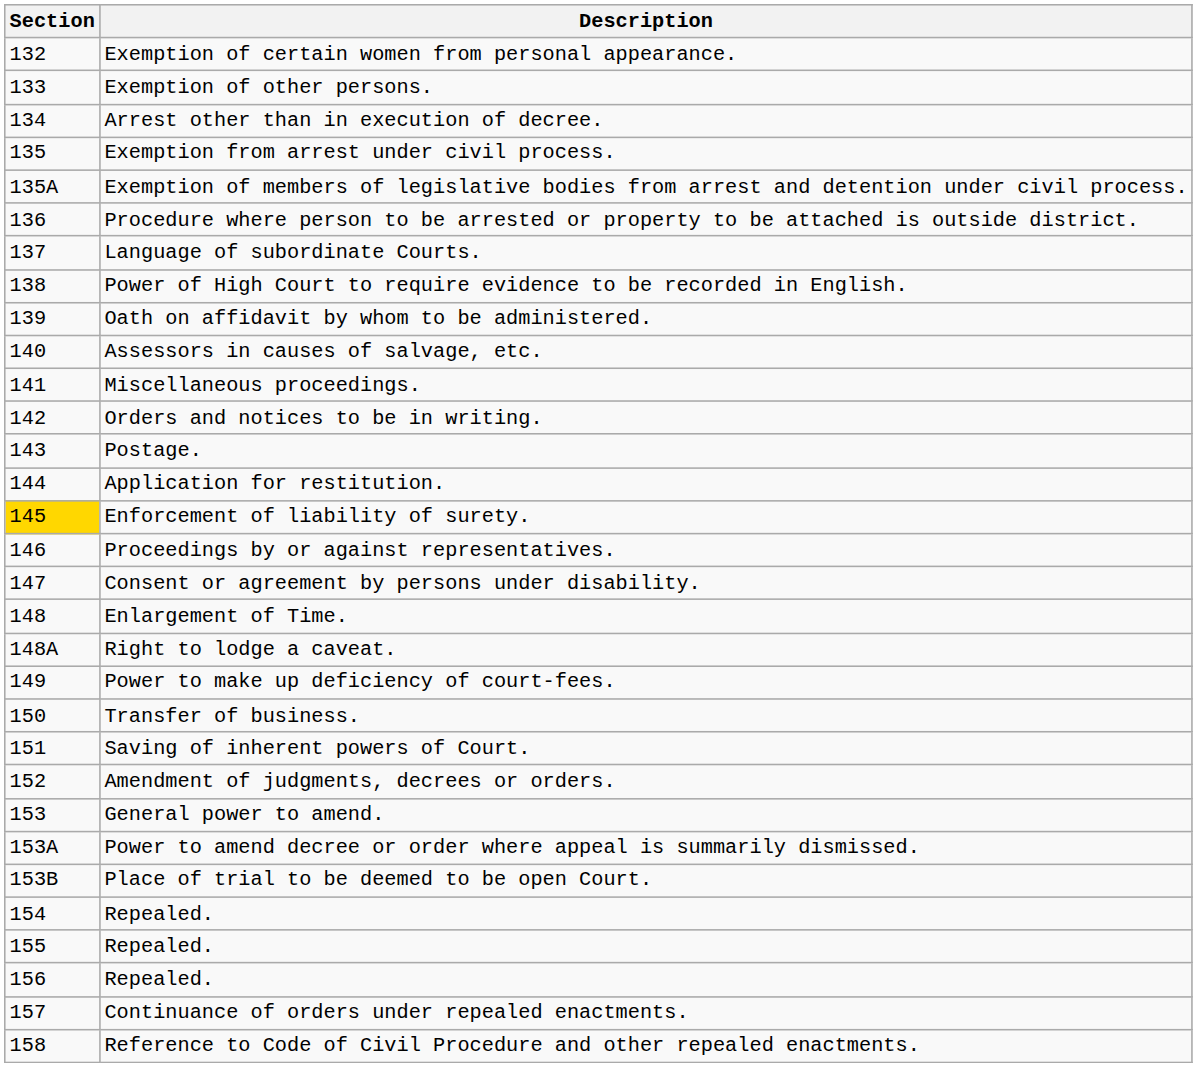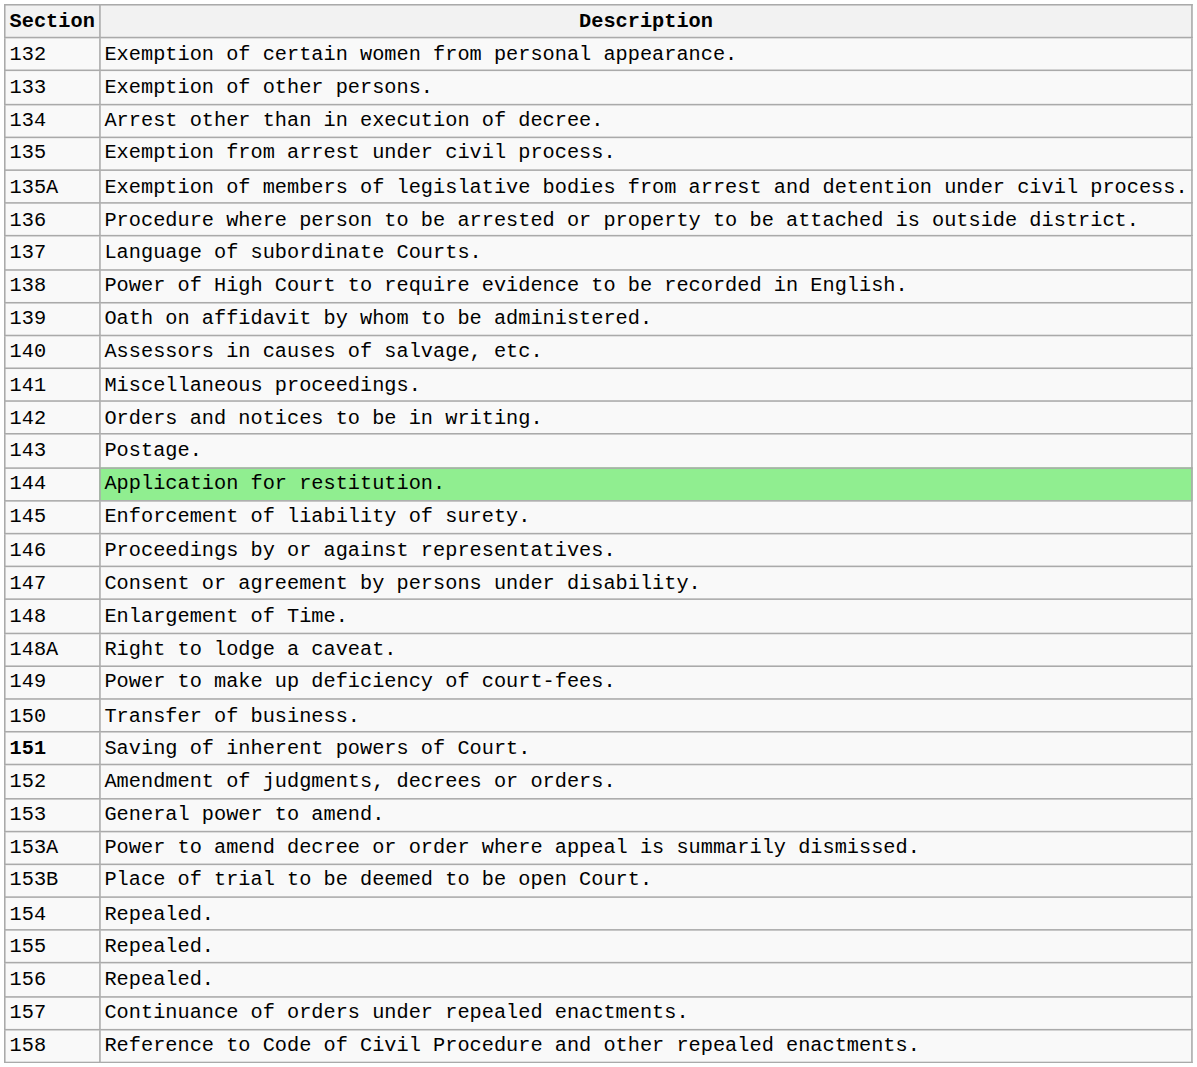 <table class="wikitable">
 <tr>
 <th>Section</th>
 <th>Description</th>
 </tr>
 <tr>
 <td>132</td>
 <td>Exemption of certain women from personal appearance.</td>
 </tr>
 <tr>
 <td>133</td>
 <td>Exemption of other persons.</td>
 </tr>
 <tr>
 <td>134</td>
 <td>Arrest other than in execution of decree.</td>
 </tr>
 <tr>
 <td>135</td>
 <td>Exemption from arrest under civil process.</td>
 </tr>
 <tr>
 <td>135A</td>
 <td>Exemption of members of legislative bodies from arrest and detention under civil process.</td>
 </tr>
 <tr>
 <td>136</td>
 <td>Procedure where person to be arrested or property to be attached is outside district.</td>
 </tr>
 <tr>
 <td>137</td>
 <td>Language of subordinate Courts.</td>
 </tr>
 <tr>
 <td>138</td>
 <td>Power of High Court to require evidence to be recorded in English.</td>
 </tr>
 <tr>
 <td>139</td>
 <td>Oath on affidavit by whom to be administered.</td>
 </tr>
 <tr>
 <td>140</td>
 <td>Assessors in causes of salvage, etc.</td>
 </tr>
 <tr>
 <td>141</td>
 <td>Miscellaneous proceedings.</td>
 </tr>
 <tr>
 <td>142</td>
 <td>Orders and notices to be in writing.</td>
 </tr>
 <tr>
 <td>143</td>
 <td>Postage.</td>
 </tr>
 <tr>
 <td>144</td>
-<td>Application for restitution.</td>
+<td style="background: lightgreen;">Application for restitution.</td>
 </tr>
 <tr>
-<td style="background: gold;">145</td>
+<td>145</td>
 <td>Enforcement of liability of surety.</td>
 </tr>
 <tr>
 <td>146</td>
 <td>Proceedings by or against representatives.</td>
 </tr>
 <tr>
 <td>147</td>
 <td>Consent or agreement by persons under disability.</td>
 </tr>
 <tr>
 <td>148</td>
 <td>Enlargement of Time.</td>
 </tr>
 <tr>
 <td>148A</td>
 <td>Right to lodge a caveat.</td>
 </tr>
 <tr>
 <td>149</td>
 <td>Power to make up deficiency of court-fees.</td>
 </tr>
 <tr>
 <td>150</td>
 <td>Transfer of business.</td>
 </tr>
 <tr>
-<td>151</td>
+<td><strong>151</strong></td>
 <td>Saving of inherent powers of Court.</td>
 </tr>
 <tr>
 <td>152</td>
 <td>Amendment of judgments, decrees or orders.</td>
 </tr>
 <tr>
 <td>153</td>
 <td>General power to amend.</td>
 </tr>
 <tr>
 <td>153A</td>
 <td>Power to amend decree or order where appeal is summarily dismissed.</td>
 </tr>
 <tr>
 <td>153B</td>
 <td>Place of trial to be deemed to be open Court.</td>
 </tr>
 <tr>
 <td>154</td>
 <td>Repealed.</td>
 </tr>
 <tr>
 <td>155</td>
 <td>Repealed.</td>
 </tr>
 <tr>
 <td>156</td>
 <td>Repealed.</td>
 </tr>
 <tr>
 <td>157</td>
 <td>Continuance of orders under repealed enactments.</td>
 </tr>
 <tr>
 <td>158</td>
 <td>Reference to Code of Civil Procedure and other repealed enactments.</td>
 </tr>
 </table>
